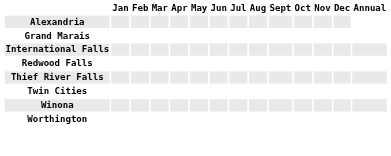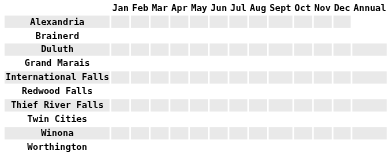 <table class="toc sortable" style="text-align: center; font-size:85%">
 <tr>
 <th></th>
 <th>Jan</th>
 <th>Feb</th>
 <th>Mar</th>
 <th>Apr</th>
 <th>May</th>
 <th>Jun</th>
 <th>Jul</th>
 <th>Aug</th>
 <th>Sept</th>
 <th>Oct</th>
 <th>Nov</th>
 <th>Dec</th>
 <th>Annual</th>
 </tr>
 <tr style="background-color: #e9e9e9">
 <th>Alexandria</th>
+<td></td>
+<td></td>
+<td></td>
+<td></td>
+<td></td>
+<td></td>
+<td></td>
+<td></td>
+<td></td>
+<td></td>
+<td></td>
+<td></td>
+</tr>
+<tr>
+<th>Brainerd</th>
+<td></td>
+<td></td>
+<td></td>
+<td></td>
+<td></td>
+<td></td>
+<td></td>
+<td></td>
+<td></td>
+<td></td>
+<td></td>
+<td></td>
+<td></td>
+</tr>
+<tr style="background-color: #e9e9e9">
+<th>Duluth</th>
+<td></td>
 <td></td>
 <td></td>
 <td></td>
 <td></td>
 <td></td>
 <td></td>
 <td></td>
 <td></td>
 <td></td>
 <td></td>
 <td></td>
 <td></td>
 </tr>
 <tr>
 <th>Grand Marais</th>
 <td></td>
 <td></td>
 <td></td>
 <td></td>
 <td></td>
 <td></td>
 <td></td>
 <td></td>
 <td></td>
 <td></td>
 <td></td>
 <td></td>
 <td></td>
 </tr>
 <tr style="background-color: #e9e9e9">
 <th>International Falls</th>
 <td></td>
 <td></td>
 <td></td>
 <td></td>
 <td></td>
 <td></td>
 <td></td>
 <td></td>
 <td></td>
 <td></td>
 <td></td>
 <td></td>
 <td></td>
 </tr>
 <tr>
 <th>Redwood Falls</th>
 <td></td>
 <td></td>
 <td></td>
 <td></td>
 <td></td>
 <td></td>
 <td></td>
 <td></td>
 <td></td>
 <td></td>
 <td></td>
 <td></td>
 <td></td>
 </tr>
 <tr style="background-color: #e9e9e9">
 <th>Thief River Falls</th>
 <td></td>
 <td></td>
 <td></td>
 <td></td>
 <td></td>
 <td></td>
 <td></td>
 <td></td>
 <td></td>
 <td></td>
 <td></td>
 <td></td>
 <td></td>
 </tr>
 <tr>
 <th>Twin Cities</th>
 <td></td>
 <td></td>
 <td></td>
 <td></td>
 <td></td>
 <td></td>
 <td></td>
 <td></td>
 <td></td>
 <td></td>
 <td></td>
 <td></td>
 <td></td>
 </tr>
 <tr style="background-color: #e9e9e9">
 <th>Winona</th>
 <td></td>
 <td></td>
 <td></td>
 <td></td>
 <td></td>
 <td></td>
 <td></td>
 <td></td>
 <td></td>
 <td></td>
 <td></td>
 <td></td>
 <td></td>
 </tr>
 <tr>
 <th>Worthington</th>
 <td></td>
 <td></td>
 <td></td>
 <td></td>
 <td></td>
 <td></td>
 <td></td>
 <td></td>
 <td></td>
 <td></td>
 <td></td>
 <td></td>
 <td></td>
 </tr>
 </table>
